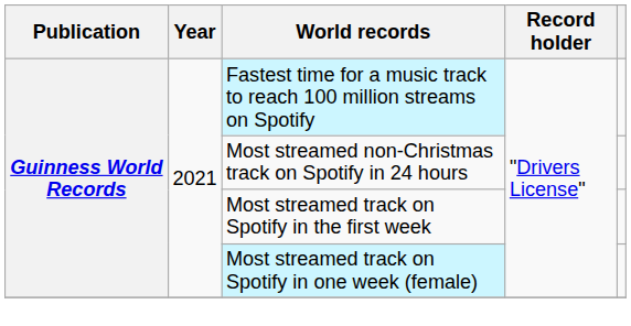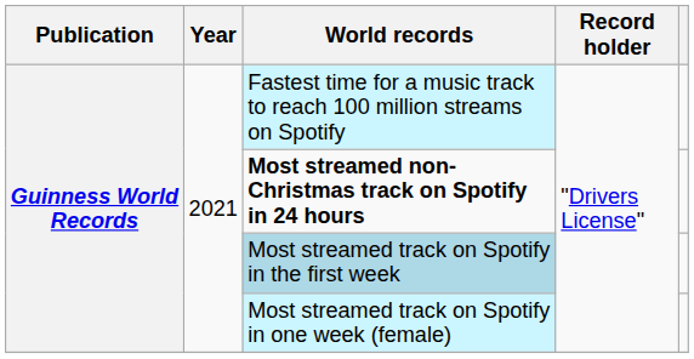 <table class="wikitable plainrowheaders" style="width: 80%;">
 <tr>
 <th scope="col">Publication</th>
 <th scope="col">Year</th>
 <th scope="col">World records</th>
 <th scope="col">Record holder</th>
 <th scope="col"></th>
 </tr>
 <tr>
 <th scope="row" rowspan="4"><em><a href='#'>Guinness World Records</a></em></th>
 <td rowspan="4" style="text-align:center">2021</td>
 <td style="background-color:#CCF6FF"> Fastest time for a music track to reach 100 million streams on Spotify</td>
 <td rowspan="4">"<a href='#'>Drivers License</a>"</td>
 <td style="text-align:center;"></td>
 </tr>
 <tr>
-<td>Most streamed non-Christmas track on Spotify in 24 hours</td>
+<td><strong>Most streamed non-Christmas track on Spotify in 24 hours</strong></td>
 <td style="text-align:center;"></td>
 </tr>
 <tr>
-<td>Most streamed track on Spotify in the first week</td>
+<td style="background: lightblue;">Most streamed track on Spotify in the first week</td>
 <td style="text-align:center;"></td>
 </tr>
 <tr>
 <td style="background-color:#CCF6FF"> Most streamed track on Spotify in one week (female)</td>
 <td style="text-align:center;"></td>
 </tr>
 <tr>
 </tr>
 </table>
